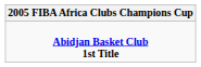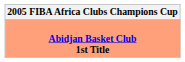 <table class=wikitable style="text-align:center; margin:auto">
 <tr>
 <th>2005 FIBA Africa Clubs Champions Cup</th>
 </tr>
 <tr>
-<td><br><strong><a href='#'>Abidjan Basket Club</a></strong><br><strong>1st Title</strong></td>
+<td style="background: lightsalmon;"><br><strong><a href='#'>Abidjan Basket Club</a></strong><br><strong>1st Title</strong></td>
 </tr>
 </table>
